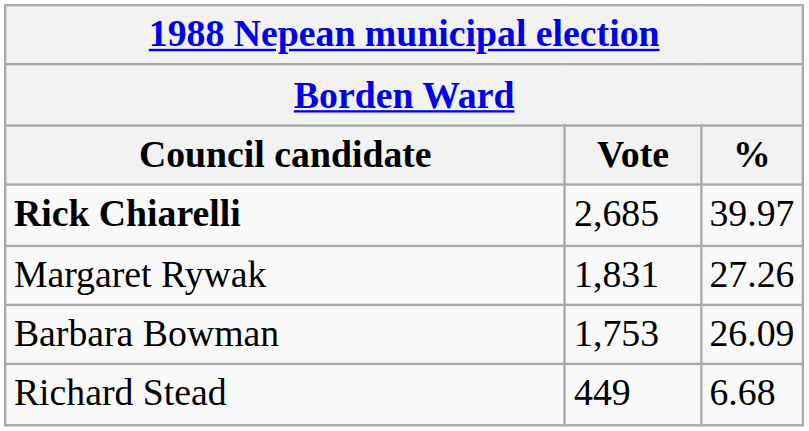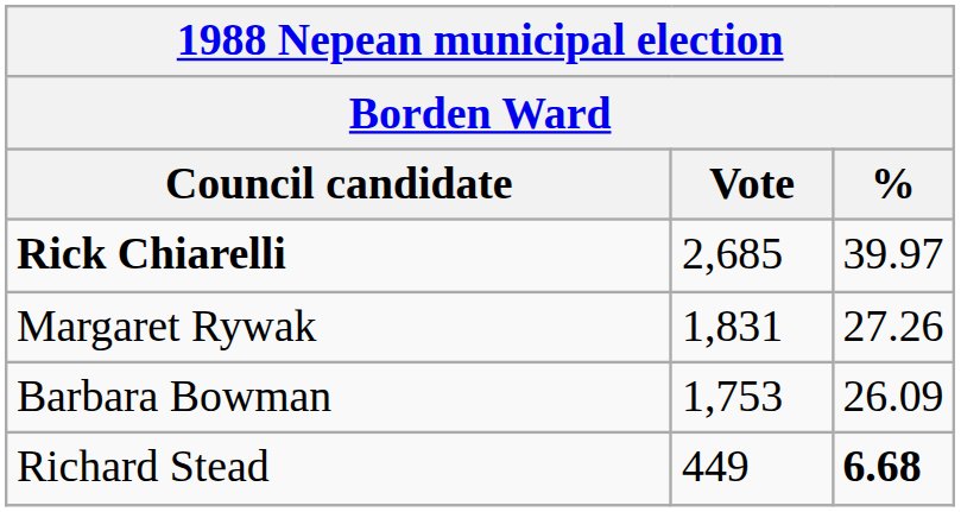 <table class="wikitable">
 <tr>
 <th colspan=3><a href='#'>1988 Nepean municipal election</a></th>
 </tr>
 <tr>
 <th colspan="3"><a href='#'>Borden Ward</a></th>
 </tr>
 <tr>
 <th bgcolor="#DDDDFF" width="230px">Council candidate</th>
 <th bgcolor="#DDDDFF" width="50px">Vote</th>
 <th bgcolor="#DDDDFF" width="30px">%</th>
 </tr>
 <tr>
 <td><strong>Rick Chiarelli</strong></td>
 <td>2,685</td>
 <td>39.97</td>
 </tr>
 <tr>
 <td>Margaret Rywak</td>
 <td>1,831</td>
 <td>27.26</td>
 </tr>
 <tr>
 <td>Barbara Bowman</td>
 <td>1,753</td>
 <td>26.09</td>
 </tr>
 <tr>
 <td>Richard Stead</td>
 <td>449</td>
-<td>6.68</td>
+<td><strong>6.68</strong></td>
 </tr>
 </table>
